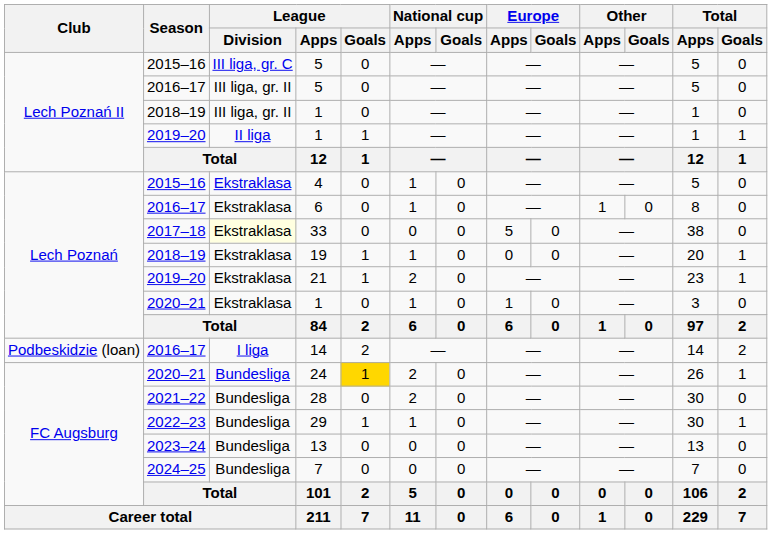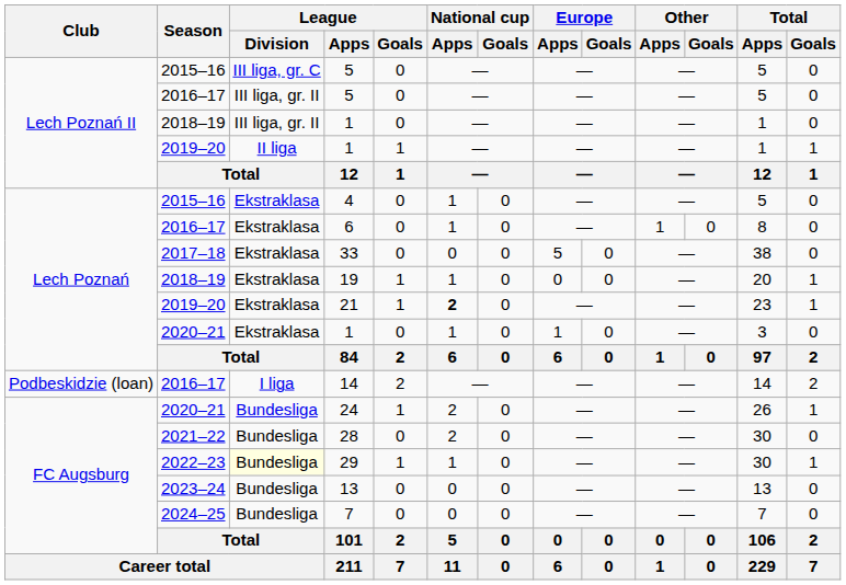 <table class="wikitable" style="text-align: center;">
 <tr>
 <th rowspan="2">Club</th>
 <th rowspan="2">Season</th>
 <th colspan="3">League</th>
 <th colspan="2">National cup</th>
 <th colspan="2"><a href='#'>Europe</a></th>
 <th colspan="2">Other</th>
 <th colspan="2">Total</th>
 </tr>
 <tr>
 <th>Division</th>
 <th>Apps</th>
 <th>Goals</th>
 <th>Apps</th>
 <th>Goals</th>
 <th>Apps</th>
 <th>Goals</th>
 <th>Apps</th>
 <th>Goals</th>
 <th>Apps</th>
 <th>Goals</th>
 </tr>
 <tr>
 <td rowspan="5"><a href='#'>Lech Poznań II</a></td>
 <td>2015–16</td>
 <td><a href='#'>III liga, gr. C</a></td>
 <td>5</td>
 <td>0</td>
 <td colspan="2">—</td>
 <td colspan="2">—</td>
 <td colspan="2">—</td>
 <td>5</td>
 <td>0</td>
 </tr>
 <tr>
 <td>2016–17</td>
 <td>III liga, gr. II</td>
 <td>5</td>
 <td>0</td>
 <td colspan="2">—</td>
 <td colspan="2">—</td>
 <td colspan="2">—</td>
 <td>5</td>
 <td>0</td>
 </tr>
 <tr>
 <td>2018–19</td>
 <td>III liga, gr. II</td>
 <td>1</td>
 <td>0</td>
 <td colspan="2">—</td>
 <td colspan="2">—</td>
 <td colspan="2">—</td>
 <td>1</td>
 <td>0</td>
 </tr>
 <tr>
 <td><a href='#'>2019–20</a></td>
 <td><a href='#'>II liga</a></td>
 <td>1</td>
 <td>1</td>
 <td colspan="2">—</td>
 <td colspan="2">—</td>
 <td colspan="2">—</td>
 <td>1</td>
 <td>1</td>
 </tr>
 <tr>
 <th colspan="2">Total</th>
 <th>12</th>
 <th>1</th>
 <th colspan="2">—</th>
 <th colspan="2">—</th>
 <th colspan="2">—</th>
 <th>12</th>
 <th>1</th>
 </tr>
 <tr>
 <td rowspan="7"><a href='#'>Lech Poznań</a></td>
 <td><a href='#'>2015–16</a></td>
 <td><a href='#'>Ekstraklasa</a></td>
 <td>4</td>
 <td>0</td>
 <td>1</td>
 <td>0</td>
 <td colspan="2">—</td>
 <td colspan="2">—</td>
 <td>5</td>
 <td>0</td>
 </tr>
 <tr>
 <td><a href='#'>2016–17</a></td>
 <td>Ekstraklasa</td>
 <td>6</td>
 <td>0</td>
 <td>1</td>
 <td>0</td>
 <td colspan="2">—</td>
 <td>1</td>
 <td>0</td>
 <td>8</td>
 <td>0</td>
 </tr>
 <tr>
 <td><a href='#'>2017–18</a></td>
-<td style="background: lightyellow;">Ekstraklasa</td>
+<td>Ekstraklasa</td>
 <td>33</td>
 <td>0</td>
 <td>0</td>
 <td>0</td>
 <td>5</td>
 <td>0</td>
 <td colspan="2">—</td>
 <td>38</td>
 <td>0</td>
 </tr>
 <tr>
 <td><a href='#'>2018–19</a></td>
 <td>Ekstraklasa</td>
 <td>19</td>
 <td>1</td>
 <td>1</td>
 <td>0</td>
 <td>0</td>
 <td>0</td>
 <td colspan="2">—</td>
 <td>20</td>
 <td>1</td>
 </tr>
 <tr>
 <td><a href='#'>2019–20</a></td>
 <td>Ekstraklasa</td>
 <td>21</td>
 <td>1</td>
-<td>2</td>
+<td><strong>2</strong></td>
 <td>0</td>
 <td colspan="2">—</td>
 <td colspan="2">—</td>
 <td>23</td>
 <td>1</td>
 </tr>
 <tr>
 <td><a href='#'>2020–21</a></td>
 <td>Ekstraklasa</td>
 <td>1</td>
 <td>0</td>
 <td>1</td>
 <td>0</td>
 <td>1</td>
 <td>0</td>
 <td colspan="2">—</td>
 <td>3</td>
 <td>0</td>
 </tr>
 <tr>
 <th colspan="2">Total</th>
 <th>84</th>
 <th>2</th>
 <th>6</th>
 <th>0</th>
 <th>6</th>
 <th>0</th>
 <th>1</th>
 <th>0</th>
 <th>97</th>
 <th>2</th>
 </tr>
 <tr>
 <td><a href='#'>Podbeskidzie</a> (loan)</td>
 <td><a href='#'>2016–17</a></td>
 <td><a href='#'>I liga</a></td>
 <td>14</td>
 <td>2</td>
 <td colspan="2">—</td>
 <td colspan="2">—</td>
 <td colspan="2">—</td>
 <td>14</td>
 <td>2</td>
 </tr>
 <tr>
 <td rowspan="6"><a href='#'>FC Augsburg</a></td>
 <td><a href='#'>2020–21</a></td>
 <td><a href='#'>Bundesliga</a></td>
 <td>24</td>
-<td style="background: gold;">1</td>
+<td>1</td>
 <td>2</td>
 <td>0</td>
 <td colspan="2">—</td>
 <td colspan="2">—</td>
 <td>26</td>
 <td>1</td>
 </tr>
 <tr>
 <td><a href='#'>2021–22</a></td>
 <td>Bundesliga</td>
 <td>28</td>
 <td>0</td>
 <td>2</td>
 <td>0</td>
 <td colspan="2">—</td>
 <td colspan="2">—</td>
 <td>30</td>
 <td>0</td>
 </tr>
 <tr>
 <td><a href='#'>2022–23</a></td>
-<td>Bundesliga</td>
+<td style="background: lightyellow;">Bundesliga</td>
 <td>29</td>
 <td>1</td>
 <td>1</td>
 <td>0</td>
 <td colspan="2">—</td>
 <td colspan="2">—</td>
 <td>30</td>
 <td>1</td>
 </tr>
 <tr>
 <td><a href='#'>2023–24</a></td>
 <td>Bundesliga</td>
 <td>13</td>
 <td>0</td>
 <td>0</td>
 <td>0</td>
 <td colspan="2">—</td>
 <td colspan="2">—</td>
 <td>13</td>
 <td>0</td>
 </tr>
 <tr>
 <td><a href='#'>2024–25</a></td>
 <td>Bundesliga</td>
 <td>7</td>
 <td>0</td>
 <td>0</td>
 <td>0</td>
 <td colspan="2">—</td>
 <td colspan="2">—</td>
 <td>7</td>
 <td>0</td>
 </tr>
 <tr>
 <th colspan="2">Total</th>
 <th>101</th>
 <th>2</th>
 <th>5</th>
 <th>0</th>
 <th>0</th>
 <th>0</th>
 <th>0</th>
 <th>0</th>
 <th>106</th>
 <th>2</th>
 </tr>
 <tr>
 <th colspan="3">Career total</th>
 <th>211</th>
 <th>7</th>
 <th>11</th>
 <th>0</th>
 <th>6</th>
 <th>0</th>
 <th>1</th>
 <th>0</th>
 <th>229</th>
 <th>7</th>
 </tr>
 </table>
